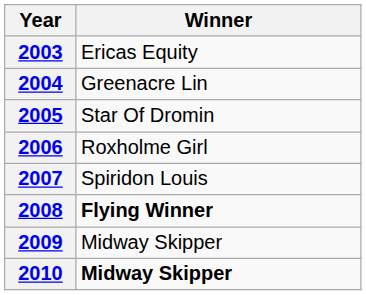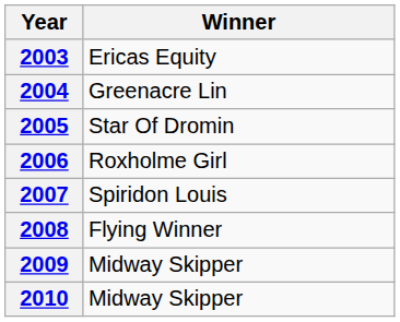 <table class="wikitable">
 <tr>
 <th width=50>Year</th>
 <th width=220>Winner</th>
 </tr>
 <tr>
 <th><a href='#'>2003</a></th>
 <td>Ericas Equity</td>
 </tr>
 <tr>
 <th><a href='#'>2004</a></th>
 <td>Greenacre Lin</td>
 </tr>
 <tr>
 <th><a href='#'>2005</a></th>
 <td>Star Of Dromin</td>
 </tr>
 <tr>
 <th><a href='#'>2006</a></th>
 <td>Roxholme Girl</td>
 </tr>
 <tr>
 <th><a href='#'>2007</a></th>
 <td>Spiridon Louis</td>
 </tr>
 <tr>
 <th><a href='#'>2008</a></th>
-<td><strong>Flying Winner</strong></td>
+<td>Flying Winner</td>
 </tr>
 <tr>
 <th><a href='#'>2009</a></th>
 <td>Midway Skipper</td>
 </tr>
 <tr>
 <th><a href='#'>2010</a></th>
-<td><strong>Midway Skipper</strong></td>
+<td>Midway Skipper</td>
 </tr>
 </table>
